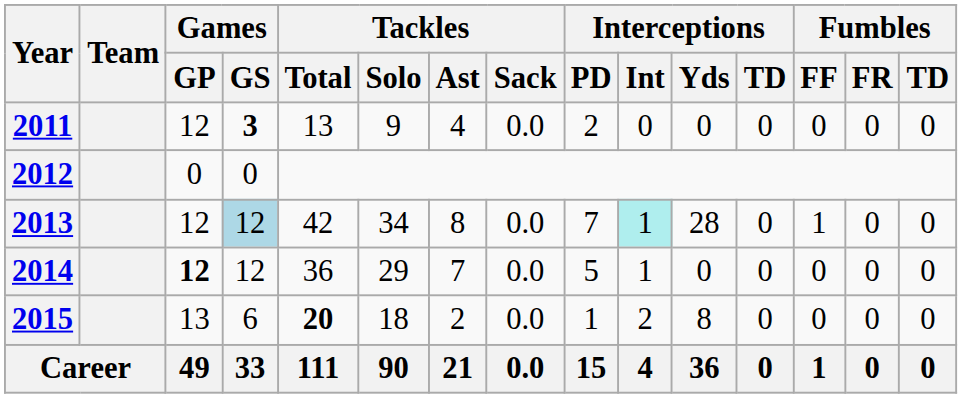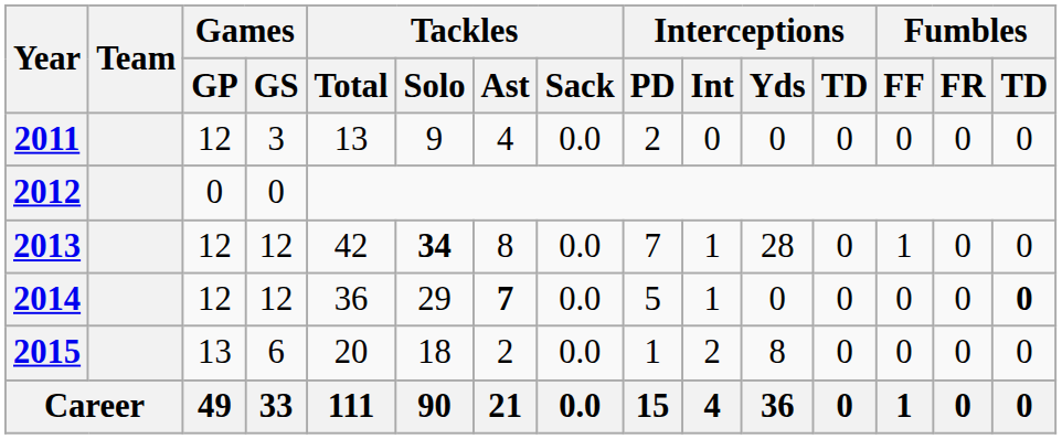 <table class="wikitable" style="text-align:center;">
 <tr>
 <th rowspan="2">Year</th>
 <th rowspan="2">Team</th>
 <th colspan="2">Games</th>
 <th colspan="4">Tackles</th>
 <th colspan="4">Interceptions</th>
 <th colspan="3">Fumbles</th>
 </tr>
 <tr>
 <th>GP</th>
 <th>GS</th>
 <th>Total</th>
 <th>Solo</th>
 <th>Ast</th>
 <th>Sack</th>
 <th>PD</th>
 <th>Int</th>
 <th>Yds</th>
 <th>TD</th>
 <th>FF</th>
 <th>FR</th>
 <th>TD</th>
 </tr>
 <tr>
 <th><a href='#'>2011</a></th>
 <th><a href='#'></a></th>
 <td>12</td>
-<td><strong>3</strong></td>
+<td>3</td>
 <td>13</td>
 <td>9</td>
 <td>4</td>
 <td>0.0</td>
 <td>2</td>
 <td>0</td>
 <td>0</td>
 <td>0</td>
 <td>0</td>
 <td>0</td>
 <td>0</td>
 </tr>
 <tr>
 <th><a href='#'>2012</a></th>
 <th><a href='#'></a></th>
 <td>0</td>
 <td>0</td>
 <td colspan="11"></td>
 </tr>
 <tr>
 <th><a href='#'>2013</a></th>
 <th><a href='#'></a></th>
 <td>12</td>
-<td style="background: lightblue;">12</td>
+<td>12</td>
 <td>42</td>
-<td>34</td>
+<td><strong>34</strong></td>
 <td>8</td>
 <td>0.0</td>
 <td>7</td>
-<td style="background: paleturquoise;">1</td>
+<td>1</td>
 <td>28</td>
 <td>0</td>
 <td>1</td>
 <td>0</td>
 <td>0</td>
 </tr>
 <tr>
 <th><a href='#'>2014</a></th>
 <th><a href='#'></a></th>
-<td><strong>12</strong></td>
+<td>12</td>
 <td>12</td>
 <td>36</td>
 <td>29</td>
-<td>7</td>
+<td><strong>7</strong></td>
 <td>0.0</td>
 <td>5</td>
 <td>1</td>
 <td>0</td>
 <td>0</td>
 <td>0</td>
 <td>0</td>
-<td>0</td>
+<td><strong>0</strong></td>
 </tr>
 <tr>
 <th><a href='#'>2015</a></th>
 <th><a href='#'></a></th>
 <td>13</td>
 <td>6</td>
-<td><strong>20</strong></td>
+<td>20</td>
 <td>18</td>
 <td>2</td>
 <td>0.0</td>
 <td>1</td>
 <td>2</td>
 <td>8</td>
 <td>0</td>
 <td>0</td>
 <td>0</td>
 <td>0</td>
 </tr>
 <tr>
 <th align=center colspan="2">Career</th>
 <th>49</th>
 <th>33</th>
 <th>111</th>
 <th>90</th>
 <th>21</th>
 <th>0.0</th>
 <th>15</th>
 <th>4</th>
 <th>36</th>
 <th>0</th>
 <th>1</th>
 <th>0</th>
 <th>0</th>
 </tr>
 </table>
